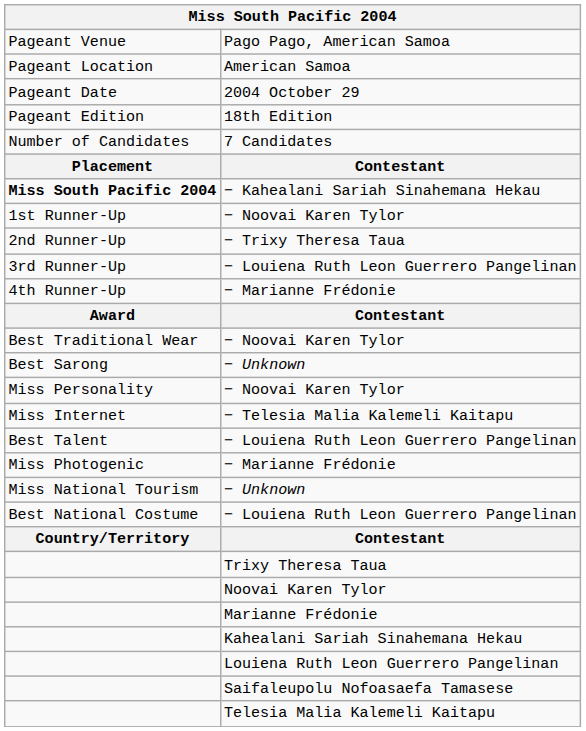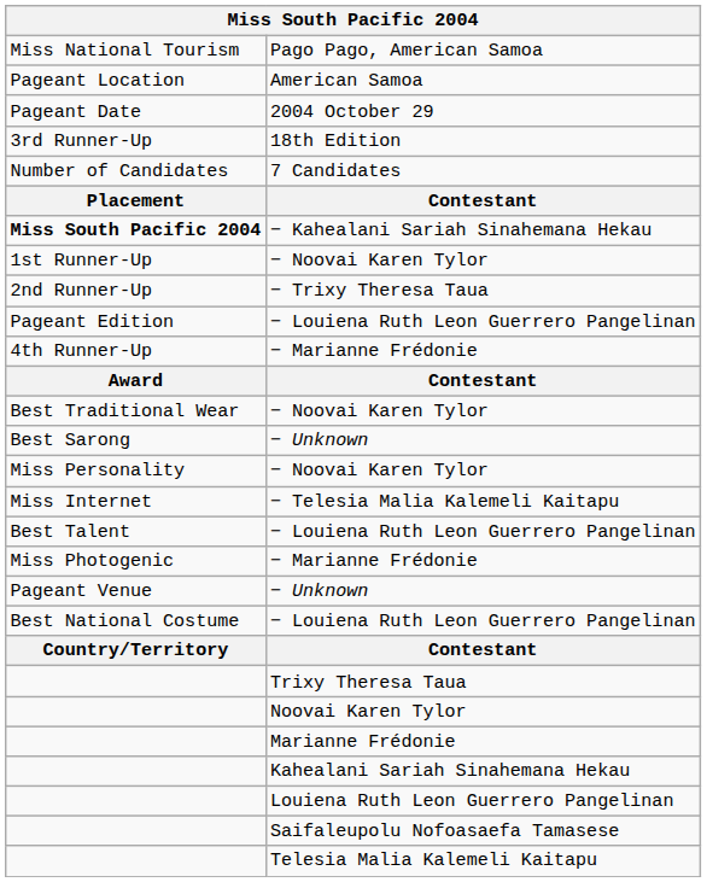 <table class="wikitable sortable" style="font-size: 80%;">
 <tr>
 <th colspan="2"><strong>Miss South Pacific 2004</strong></th>
 </tr>
 <tr>
-<td>Pageant Venue</td>
+<td>Miss National Tourism</td>
 <td>Pago Pago, American Samoa</td>
 </tr>
 <tr>
 <td>Pageant Location</td>
 <td>American Samoa</td>
 </tr>
 <tr>
 <td>Pageant Date</td>
 <td>2004 October 29</td>
 </tr>
 <tr>
-<td>Pageant Edition</td>
+<td>3rd Runner-Up</td>
 <td>18th Edition</td>
 </tr>
 <tr>
 <td>Number of Candidates</td>
 <td>7 Candidates</td>
 </tr>
 <tr>
 <th>Placement</th>
 <th>Contestant</th>
 </tr>
 <tr>
 <td><strong>Miss South Pacific 2004</strong></td>
 <td> − Kahealani Sariah Sinahemana Hekau</td>
 </tr>
 <tr>
 <td>1st Runner-Up</td>
 <td> − Noovai Karen Tylor</td>
 </tr>
 <tr>
 <td>2nd Runner-Up</td>
 <td> − Trixy Theresa Taua</td>
 </tr>
 <tr>
-<td>3rd Runner-Up</td>
+<td>Pageant Edition</td>
 <td> − Louiena Ruth Leon Guerrero Pangelinan</td>
 </tr>
 <tr>
 <td>4th Runner-Up</td>
 <td> − Marianne Frédonie</td>
 </tr>
 <tr>
 <th>Award</th>
 <th>Contestant</th>
 </tr>
 <tr>
 <td>Best Traditional Wear</td>
 <td> − Noovai Karen Tylor</td>
 </tr>
 <tr>
 <td>Best Sarong</td>
 <td> − <em>Unknown</em></td>
 </tr>
 <tr>
 <td>Miss Personality</td>
 <td> − Noovai Karen Tylor</td>
 </tr>
 <tr>
 <td>Miss Internet</td>
 <td> − Telesia Malia Kalemeli Kaitapu</td>
 </tr>
 <tr>
 <td>Best Talent</td>
 <td> − Louiena Ruth Leon Guerrero Pangelinan</td>
 </tr>
 <tr>
 <td>Miss Photogenic</td>
 <td> − Marianne Frédonie</td>
 </tr>
 <tr>
-<td>Miss National Tourism</td>
+<td>Pageant Venue</td>
 <td> − <em>Unknown</em></td>
 </tr>
 <tr>
 <td>Best National Costume</td>
 <td> − Louiena Ruth Leon Guerrero Pangelinan</td>
 </tr>
 <tr>
 <th><strong>Country/Territory</strong></th>
 <th>Contestant</th>
 </tr>
 <tr>
 <td></td>
 <td>Trixy Theresa Taua</td>
 </tr>
 <tr>
 <td></td>
 <td>Noovai Karen Tylor</td>
 </tr>
 <tr>
 <td></td>
 <td>Marianne Frédonie</td>
 </tr>
 <tr>
 <td></td>
 <td>Kahealani Sariah Sinahemana Hekau</td>
 </tr>
 <tr>
 <td></td>
 <td>Louiena Ruth Leon Guerrero Pangelinan</td>
 </tr>
 <tr>
 <td></td>
 <td>Saifaleupolu Nofoasaefa Tamasese</td>
 </tr>
 <tr>
 <td></td>
 <td>Telesia Malia Kalemeli Kaitapu</td>
 </tr>
 </table>
